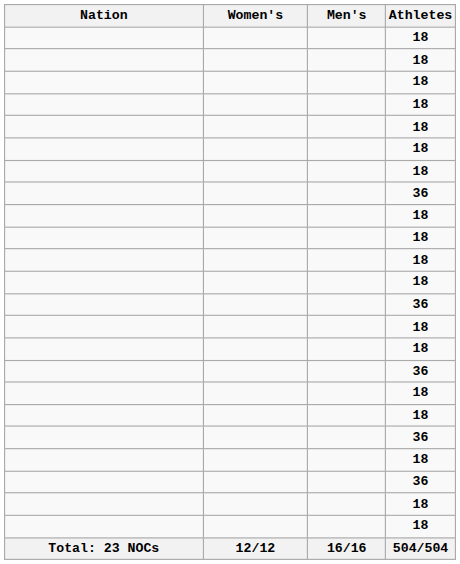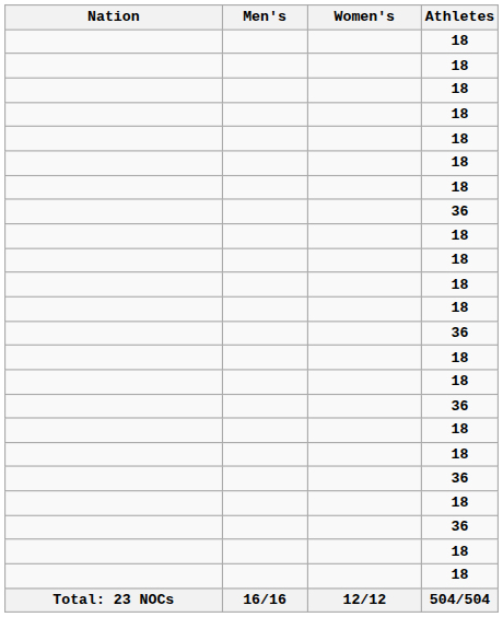 <table class="wikitable sortable" width=400 style="text-align:center; font-size:90%">
 <tr>
 <th>Nation</th>
+<th>Men's</th>
 <th>Women's</th>
-<th>Men's</th>
 <th width=55>Athletes</th>
 </tr>
 <tr>
 <td style="text-align:left;"></td>
 <td></td>
 <td></td>
 <td><strong>18</strong></td>
 </tr>
 <tr>
 <td style="text-align:left;"></td>
 <td></td>
 <td></td>
 <td><strong>18</strong></td>
 </tr>
 <tr>
 <td style="text-align:left;"></td>
 <td></td>
 <td></td>
 <td><strong>18</strong></td>
 </tr>
 <tr>
 <td style="text-align:left;"></td>
 <td></td>
 <td></td>
 <td><strong>18</strong></td>
 </tr>
 <tr>
 <td style="text-align:left;"></td>
 <td></td>
 <td></td>
 <td><strong>18</strong></td>
 </tr>
 <tr>
 <td style="text-align:left;"></td>
 <td></td>
 <td></td>
 <td><strong>18</strong></td>
 </tr>
 <tr>
 <td style="text-align:left;"></td>
 <td></td>
 <td></td>
 <td><strong>18</strong></td>
 </tr>
 <tr>
 <td style="text-align:left;"></td>
 <td></td>
 <td></td>
 <td><strong>36</strong></td>
 </tr>
 <tr>
 <td style="text-align:left;"></td>
 <td></td>
 <td></td>
 <td><strong>18</strong></td>
 </tr>
 <tr>
 <td style="text-align:left;"></td>
 <td></td>
 <td></td>
 <td><strong>18</strong></td>
 </tr>
 <tr>
 <td style="text-align:left;"></td>
 <td></td>
 <td></td>
 <td><strong>18</strong></td>
 </tr>
 <tr>
 <td style="text-align:left;"></td>
 <td></td>
 <td></td>
 <td><strong>18</strong></td>
 </tr>
 <tr>
 <td style="text-align:left;"></td>
 <td></td>
 <td></td>
 <td><strong>36</strong></td>
 </tr>
 <tr>
 <td style="text-align:left;"></td>
 <td></td>
 <td></td>
 <td><strong>18</strong></td>
 </tr>
 <tr>
 <td style="text-align:left;"></td>
 <td></td>
 <td></td>
 <td><strong>18</strong></td>
 </tr>
 <tr>
 <td style="text-align:left;"></td>
 <td></td>
 <td></td>
 <td><strong>36</strong></td>
 </tr>
 <tr>
 <td style="text-align:left;"></td>
 <td></td>
 <td></td>
 <td><strong>18</strong></td>
 </tr>
 <tr>
 <td style="text-align:left;"></td>
 <td></td>
 <td></td>
 <td><strong>18</strong></td>
 </tr>
 <tr>
 <td style="text-align:left;"></td>
 <td></td>
 <td></td>
 <td><strong>36</strong></td>
 </tr>
 <tr>
 <td style="text-align:left;"></td>
 <td></td>
 <td></td>
 <td><strong>18</strong></td>
 </tr>
 <tr>
 <td style="text-align:left;"></td>
 <td></td>
 <td></td>
 <td><strong>36</strong></td>
 </tr>
 <tr>
 <td style="text-align:left;"></td>
 <td></td>
 <td></td>
 <td><strong>18</strong></td>
 </tr>
 <tr>
 <td style="text-align:left;"></td>
 <td></td>
 <td></td>
 <td><strong>18</strong></td>
 </tr>
 <tr>
 <th>Total: 23 NOCs</th>
+<th>16/16</th>
 <th>12/12</th>
-<th>16/16</th>
 <th>504/504</th>
 </tr>
 </table>
